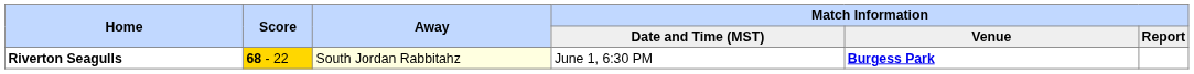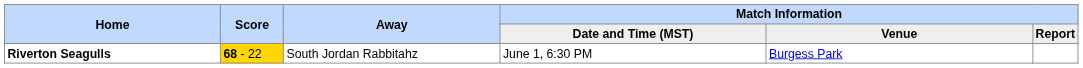 <table border="1" cellpadding="3" cellspacing="0" style="border-collapse:collapse; font-size:90%; width:100%">
 <tr style="background:#c1d8ff;">
 <th rowspan="2" style="width:21%;">Home</th>
 <th rowspan="2" style="width:6%;">Score</th>
 <th rowspan="2" style="width:21%;">Away</th>
 <th colspan="3">Match Information</th>
 </tr>
 <tr style="background:#efefef;">
 <th width="26%">Date and Time (MST)</th>
 <th width="26%">Venue</th>
 <td><strong>Report</strong></td>
 </tr>
 <tr>
 <td><strong> Riverton Seagulls</strong></td>
 <td style="background: gold;"><strong>68</strong> - 22</td>
-<td style="background: lightyellow;"><strong></strong> South Jordan Rabbitahz</td>
+<td><strong></strong> South Jordan Rabbitahz</td>
 <td>June 1, 6:30 PM</td>
-<td><strong><a href='#'>Burgess Park</a></strong></td>
+<td><a href='#'>Burgess Park</a></td>
 <td> </td>
 </tr>
 </table>
